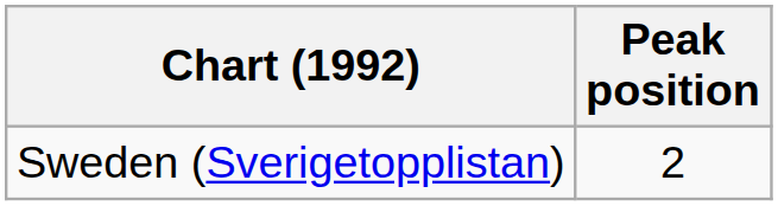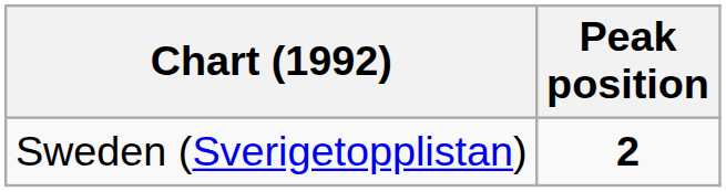 <table class="wikitable">
 <tr>
 <th>Chart (1992)</th>
 <th>Peak<br>position</th>
 </tr>
 <tr>
 <td>Sweden (<a href='#'>Sverigetopplistan</a>)</td>
-<td align="center">2</td>
+<td align="center"><strong>2</strong></td>
 </tr>
 </table>
